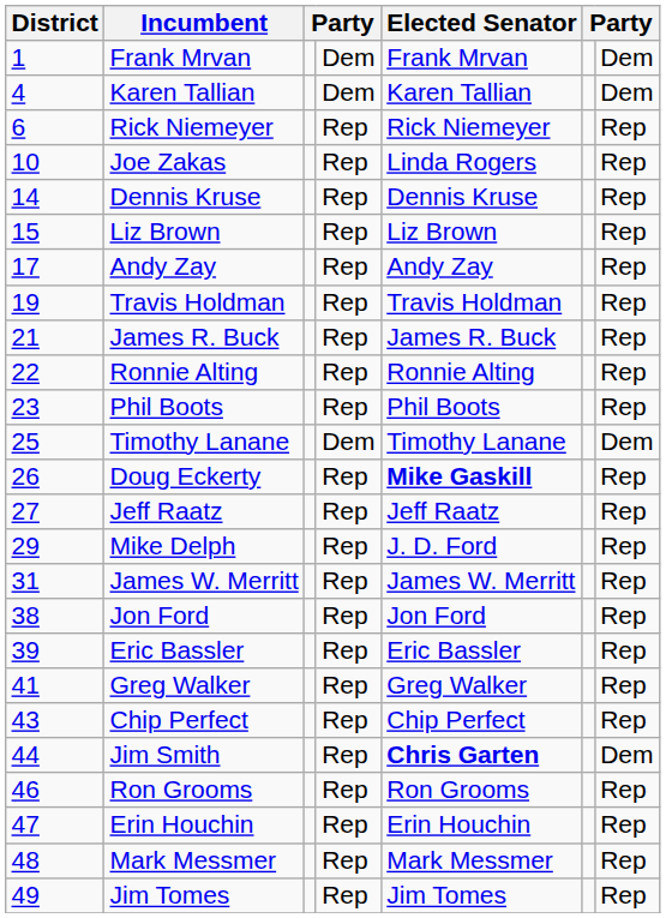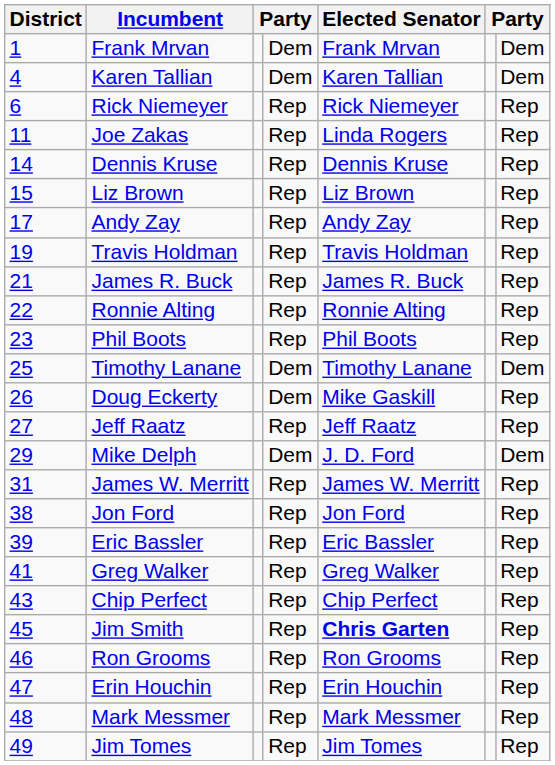 <table class="sortable wikitable" style="font-size:95%;line-height:14px;">
 <tr>
 <th class="unsortable">District</th>
 <th class="unsortable"><a href='#'>Incumbent</a></th>
 <th colspan="2">Party</th>
 <th class="unsortable">Elected Senator</th>
 <th colspan="2">Party</th>
 </tr>
 <tr>
 <td><a href='#'>1</a></td>
 <td><a href='#'>Frank Mrvan</a></td>
 <td style="background:"></td>
 <td>Dem</td>
 <td><a href='#'>Frank Mrvan</a></td>
 <td style="background:"></td>
 <td>Dem</td>
 </tr>
 <tr>
 <td><a href='#'>4</a></td>
 <td><a href='#'>Karen Tallian</a></td>
 <td style="background:"></td>
 <td>Dem</td>
 <td><a href='#'>Karen Tallian</a></td>
 <td style="background:"></td>
 <td>Dem</td>
 </tr>
 <tr>
 <td><a href='#'>6</a></td>
 <td><a href='#'>Rick Niemeyer</a></td>
 <td style="background:"></td>
 <td>Rep</td>
 <td><a href='#'>Rick Niemeyer</a></td>
 <td style="background:"></td>
 <td>Rep</td>
 </tr>
 <tr>
-<td><a href='#'>10</a></td>
+<td><a href='#'>11</a></td>
 <td><a href='#'>Joe Zakas</a></td>
 <td style="background:"></td>
 <td>Rep</td>
 <td><a href='#'>Linda Rogers</a></td>
 <td style="background:"></td>
 <td>Rep</td>
 </tr>
 <tr>
 <td><a href='#'>14</a></td>
 <td><a href='#'>Dennis Kruse</a></td>
 <td style="background:"></td>
 <td>Rep</td>
 <td><a href='#'>Dennis Kruse</a></td>
 <td style="background:"></td>
 <td>Rep</td>
 </tr>
 <tr>
 <td><a href='#'>15</a></td>
 <td><a href='#'>Liz Brown</a></td>
 <td style="background:"></td>
 <td>Rep</td>
 <td><a href='#'>Liz Brown</a></td>
 <td style="background:"></td>
 <td>Rep</td>
 </tr>
 <tr>
 <td><a href='#'>17</a></td>
 <td><a href='#'>Andy Zay</a></td>
 <td style="background:"></td>
 <td>Rep</td>
 <td><a href='#'>Andy Zay</a></td>
 <td style="background:"></td>
 <td>Rep</td>
 </tr>
 <tr>
 <td><a href='#'>19</a></td>
 <td><a href='#'>Travis Holdman</a></td>
 <td style="background:"></td>
 <td>Rep</td>
 <td><a href='#'>Travis Holdman</a></td>
 <td style="background:"></td>
 <td>Rep</td>
 </tr>
 <tr>
 <td><a href='#'>21</a></td>
 <td><a href='#'>James R. Buck</a></td>
 <td style="background:"></td>
 <td>Rep</td>
 <td><a href='#'>James R. Buck</a></td>
 <td style="background:"></td>
 <td>Rep</td>
 </tr>
 <tr>
 <td><a href='#'>22</a></td>
 <td><a href='#'>Ronnie Alting</a></td>
 <td style="background:"></td>
 <td>Rep</td>
 <td><a href='#'>Ronnie Alting</a></td>
 <td style="background:"></td>
 <td>Rep</td>
 </tr>
 <tr>
 <td><a href='#'>23</a></td>
 <td><a href='#'>Phil Boots</a></td>
 <td style="background:"></td>
 <td>Rep</td>
 <td><a href='#'>Phil Boots</a></td>
 <td style="background:"></td>
 <td>Rep</td>
 </tr>
 <tr>
 <td><a href='#'>25</a></td>
 <td><a href='#'>Timothy Lanane</a></td>
 <td style="background:"></td>
 <td>Dem</td>
 <td><a href='#'>Timothy Lanane</a></td>
 <td style="background:"></td>
 <td>Dem</td>
 </tr>
 <tr>
 <td><a href='#'>26</a></td>
 <td><a href='#'>Doug Eckerty</a></td>
 <td style="background:"></td>
-<td>Rep</td>
-<td><strong><a href='#'>Mike Gaskill</a></strong></td>
+<td>Dem</td>
+<td><a href='#'>Mike Gaskill</a></td>
 <td style="background:"></td>
 <td>Rep</td>
 </tr>
 <tr>
 <td><a href='#'>27</a></td>
 <td><a href='#'>Jeff Raatz</a></td>
 <td style="background:"></td>
 <td>Rep</td>
 <td><a href='#'>Jeff Raatz</a></td>
 <td style="background:"></td>
 <td>Rep</td>
 </tr>
 <tr>
 <td><a href='#'>29</a></td>
 <td><a href='#'>Mike Delph</a></td>
 <td style="background:"></td>
-<td>Rep</td>
+<td>Dem</td>
 <td><a href='#'>J. D. Ford</a></td>
 <td style="background:"></td>
-<td>Rep</td>
+<td>Dem</td>
 </tr>
 <tr>
 <td><a href='#'>31</a></td>
 <td><a href='#'>James W. Merritt</a></td>
 <td style="background:"></td>
 <td>Rep</td>
 <td><a href='#'>James W. Merritt</a></td>
 <td style="background:"></td>
 <td>Rep</td>
 </tr>
 <tr>
 <td><a href='#'>38</a></td>
 <td><a href='#'>Jon Ford</a></td>
 <td style="background:"></td>
 <td>Rep</td>
 <td><a href='#'>Jon Ford</a></td>
 <td style="background:"></td>
 <td>Rep</td>
 </tr>
 <tr>
 <td><a href='#'>39</a></td>
 <td><a href='#'>Eric Bassler</a></td>
 <td style="background:"></td>
 <td>Rep</td>
 <td><a href='#'>Eric Bassler</a></td>
 <td style="background:"></td>
 <td>Rep</td>
 </tr>
 <tr>
 <td><a href='#'>41</a></td>
 <td><a href='#'>Greg Walker</a></td>
 <td style="background:"></td>
 <td>Rep</td>
 <td><a href='#'>Greg Walker</a></td>
 <td style="background:"></td>
 <td>Rep</td>
 </tr>
 <tr>
 <td><a href='#'>43</a></td>
 <td><a href='#'>Chip Perfect</a></td>
 <td style="background:"></td>
 <td>Rep</td>
 <td><a href='#'>Chip Perfect</a></td>
 <td style="background:"></td>
 <td>Rep</td>
 </tr>
 <tr>
-<td><a href='#'>44</a></td>
+<td><a href='#'>45</a></td>
 <td><a href='#'>Jim Smith</a></td>
 <td style="background:"></td>
 <td>Rep</td>
 <td><strong><a href='#'>Chris Garten</a></strong></td>
 <td style="background:"></td>
-<td>Dem</td>
+<td>Rep</td>
 </tr>
 <tr>
 <td><a href='#'>46</a></td>
 <td><a href='#'>Ron Grooms</a></td>
 <td style="background:"></td>
 <td>Rep</td>
 <td><a href='#'>Ron Grooms</a></td>
 <td style="background:"></td>
 <td>Rep</td>
 </tr>
 <tr>
 <td><a href='#'>47</a></td>
 <td><a href='#'>Erin Houchin</a></td>
 <td style="background:"></td>
 <td>Rep</td>
 <td><a href='#'>Erin Houchin</a></td>
 <td style="background:"></td>
 <td>Rep</td>
 </tr>
 <tr>
 <td><a href='#'>48</a></td>
 <td><a href='#'>Mark Messmer</a></td>
 <td style="background:"></td>
 <td>Rep</td>
 <td><a href='#'>Mark Messmer</a></td>
 <td style="background:"></td>
 <td>Rep</td>
 </tr>
 <tr>
 <td><a href='#'>49</a></td>
 <td><a href='#'>Jim Tomes</a></td>
 <td style="background:"></td>
 <td>Rep</td>
 <td><a href='#'>Jim Tomes</a></td>
 <td style="background:"></td>
 <td>Rep</td>
 </tr>
 </table>
